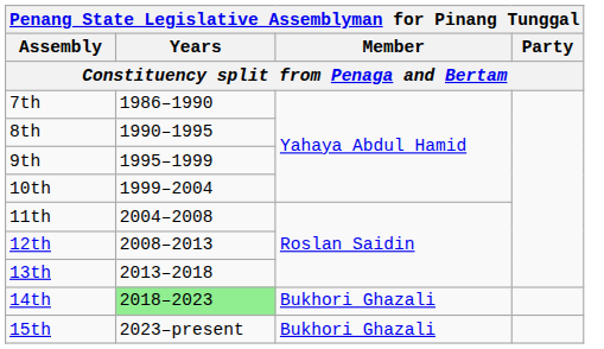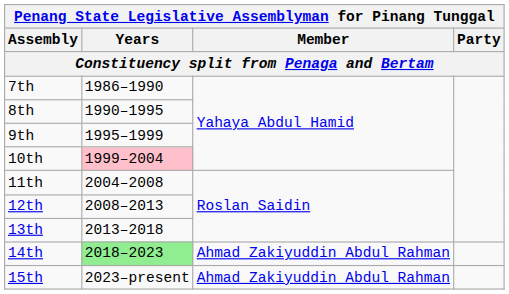 <table class="wikitable">
 <tr>
 <th colspan="4"><a href='#'>Penang State Legislative Assemblyman</a> for Pinang Tunggal</th>
 </tr>
 <tr>
 <th>Assembly</th>
 <th>Years</th>
 <th>Member</th>
 <th>Party</th>
 </tr>
 <tr>
 <th colspan="4" align="center"><em>Constituency split from <a href='#'>Penaga</a> and <a href='#'>Bertam</a></em></th>
 </tr>
 <tr>
 <td>7th</td>
 <td>1986–1990</td>
 <td rowspan="4"><a href='#'>Yahaya Abdul Hamid</a></td>
 <td rowspan="7"></td>
 </tr>
 <tr>
 <td>8th</td>
 <td>1990–1995</td>
 </tr>
 <tr>
 <td>9th</td>
 <td>1995–1999</td>
 </tr>
 <tr>
 <td>10th</td>
-<td>1999–2004</td>
+<td style="background: pink;">1999–2004</td>
 </tr>
 <tr>
 <td>11th</td>
 <td>2004–2008</td>
 <td rowspan="3"><a href='#'>Roslan Saidin</a></td>
 </tr>
 <tr>
 <td><a href='#'>12th</a></td>
 <td>2008–2013</td>
 </tr>
 <tr>
 <td><a href='#'>13th</a></td>
 <td>2013–2018</td>
 </tr>
 <tr>
 <td><a href='#'>14th</a></td>
 <td style="background: lightgreen;">2018–2023</td>
-<td><a href='#'>Bukhori Ghazali</a></td>
+<td><a href='#'>Ahmad Zakiyuddin Abdul Rahman</a></td>
 <td></td>
 </tr>
 <tr>
 <td><a href='#'>15th</a></td>
 <td>2023–present</td>
-<td><a href='#'>Bukhori Ghazali</a></td>
+<td><a href='#'>Ahmad Zakiyuddin Abdul Rahman</a></td>
 <td></td>
 </tr>
 </table>
